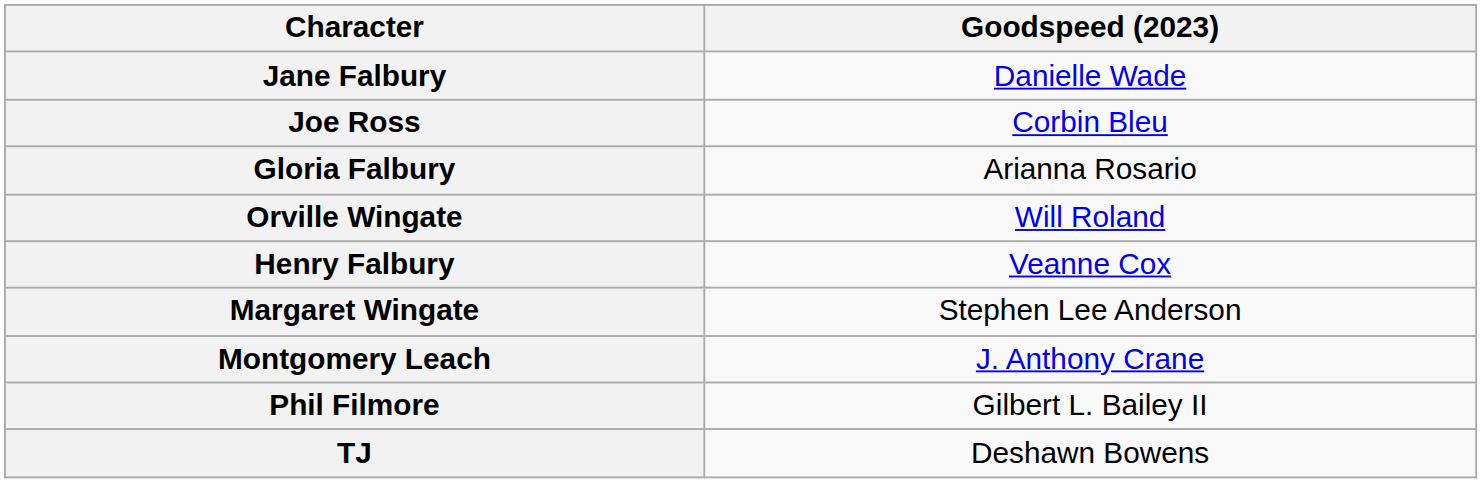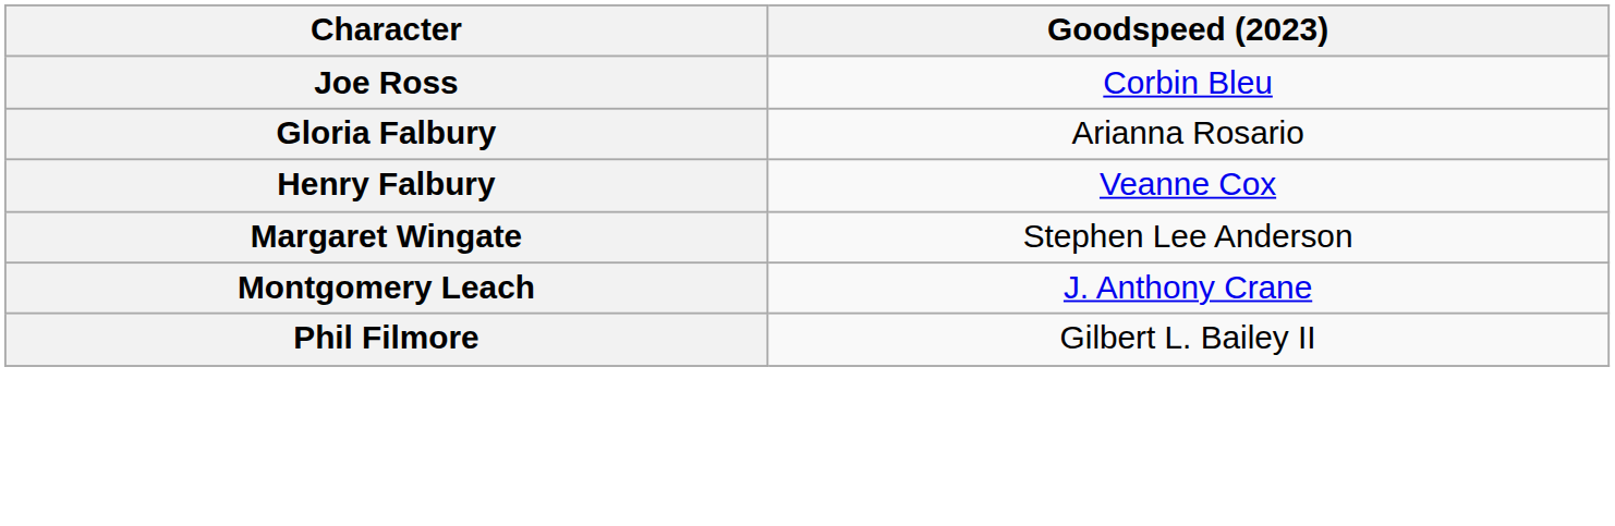 <table class="wikitable" style="width:50%; text-align:center">
 <tr>
 <th scope="col">Character</th>
 <th>Goodspeed (2023)</th>
-</tr>
-<tr>
-<th>Jane Falbury</th>
-<td colspan="1"><a href='#'>Danielle Wade</a></td>
 </tr>
 <tr>
 <th>Joe Ross</th>
 <td colspan="1”"><a href='#'>Corbin Bleu</a></td>
 </tr>
 <tr>
 <th>Gloria Falbury</th>
 <td colspan="1”">Arianna Rosario</td>
-</tr>
-<tr>
-<th>Orville Wingate</th>
-<td colspan="1"><a href='#'>Will Roland</a></td>
 </tr>
 <tr>
 <th>Henry Falbury</th>
 <td colspan="1"><a href='#'>Veanne Cox</a></td>
 </tr>
 <tr>
 <th>Margaret Wingate</th>
 <td colspan="1">Stephen Lee Anderson</td>
 </tr>
 <tr>
 <th>Montgomery Leach</th>
 <td colspan="1"><a href='#'>J. Anthony Crane</a></td>
 </tr>
 <tr>
 <th>Phil Filmore</th>
 <td colspan="1">Gilbert L. Bailey II</td>
 </tr>
-<tr>
-<th>TJ</th>
-<td colspan="1">Deshawn Bowens</td>
-</tr>
 </table>
